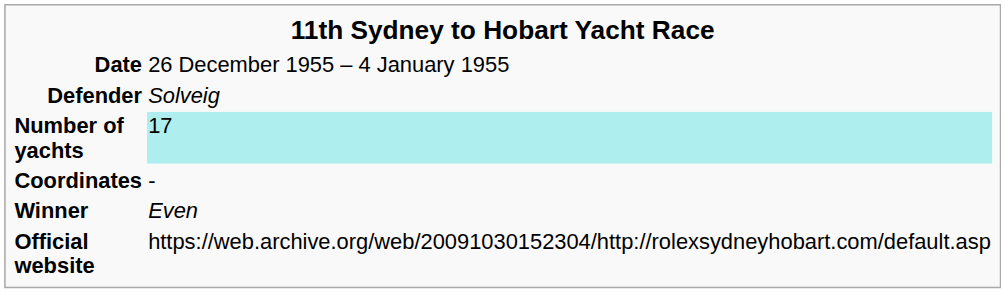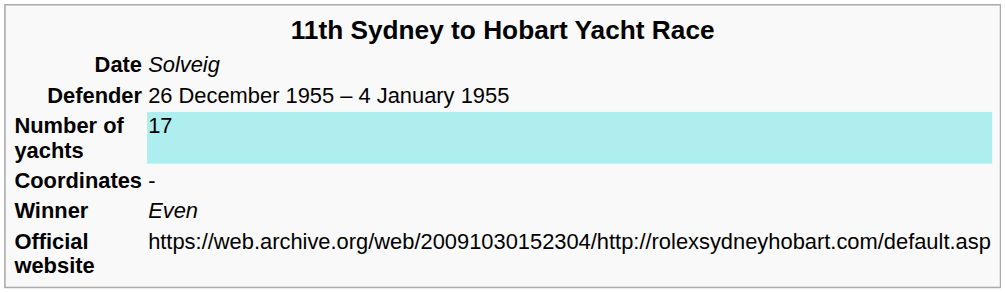 <table class="infobox" style="width: 23em; font-size: 90%">
 <tr>
 <th colspan="2" style="text-align: center; font-size: larger;"><strong>11th Sydney to Hobart Yacht Race</strong></th>
 </tr>
 <tr>
 <td style="text-align: right;"><strong>Date</strong></td>
-<td>26 December 1955 – 4 January 1955</td>
+<td><em>Solveig</em></td>
 </tr>
 <tr>
 <td style="text-align: right;"><strong>Defender</strong></td>
-<td><em>Solveig</em></td>
+<td>26 December 1955 – 4 January 1955</td>
 </tr>
 <tr>
 <td><strong>Number of yachts</strong></td>
 <td style="background: paleturquoise;">17</td>
 </tr>
 <tr>
 <td><strong>Coordinates</strong></td>
 <td>-<br></td>
 </tr>
 <tr>
 <td><strong>Winner</strong></td>
 <td><em>Even</em></td>
 </tr>
 <tr>
 <td><strong>Official website</strong></td>
 <td>https://web.archive.org/web/20091030152304/http://rolexsydneyhobart.com/default.asp</td>
 </tr>
 </table>
